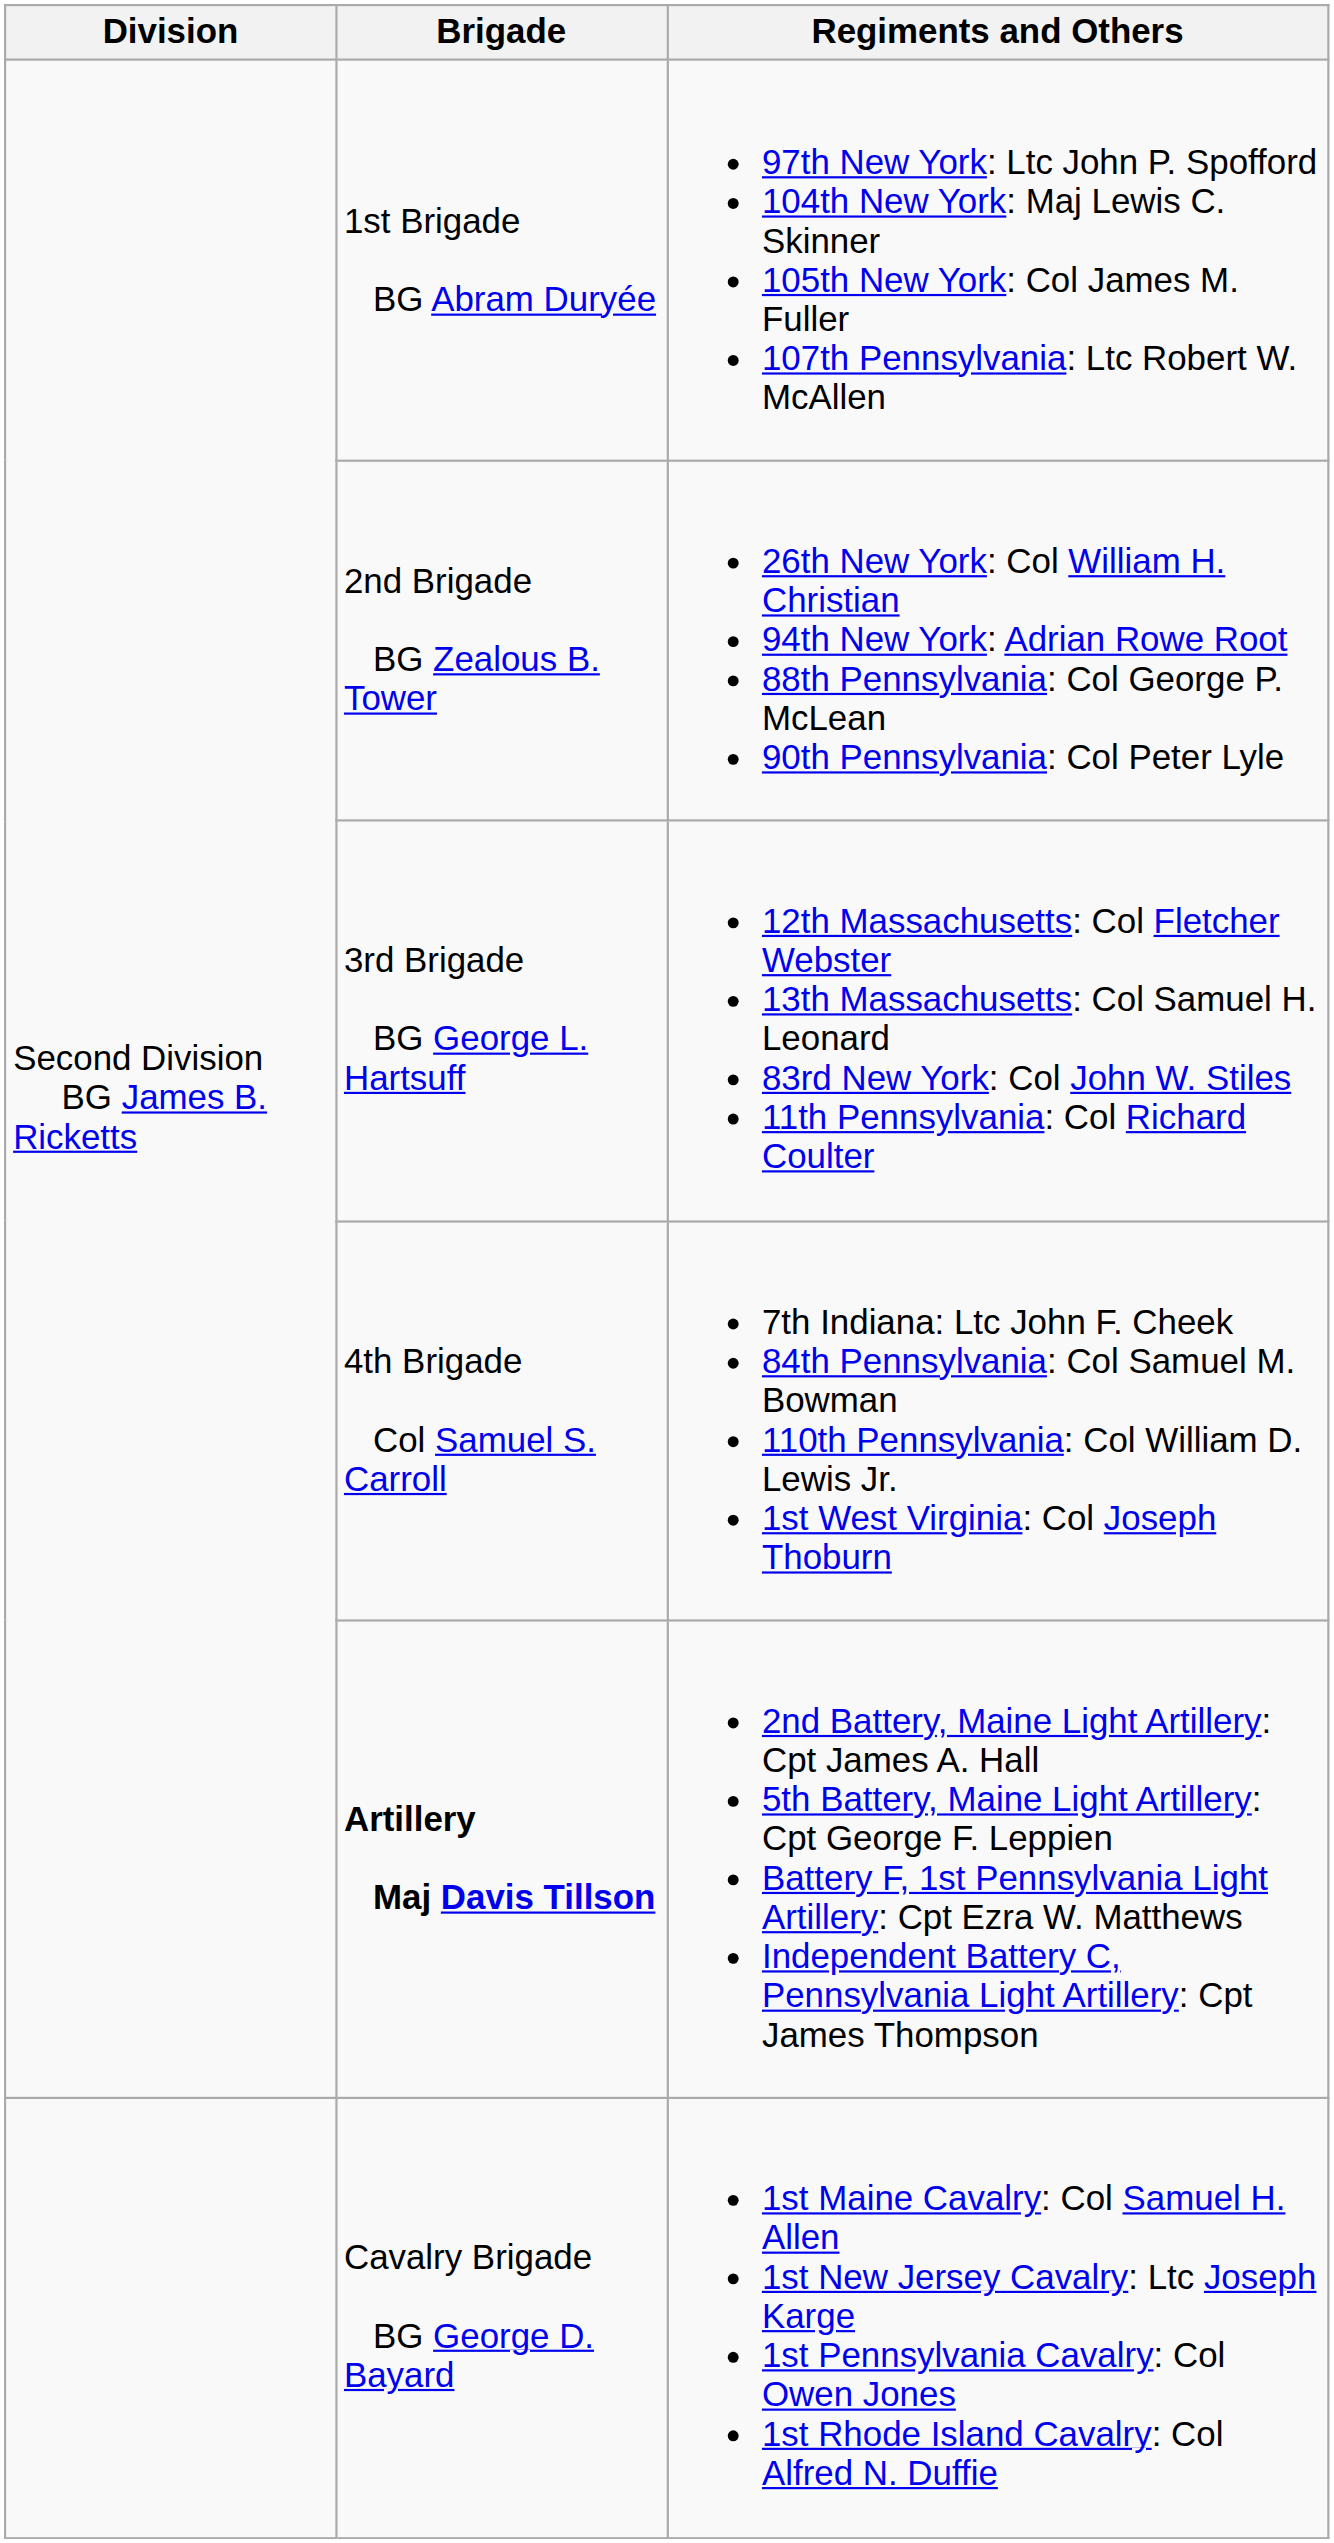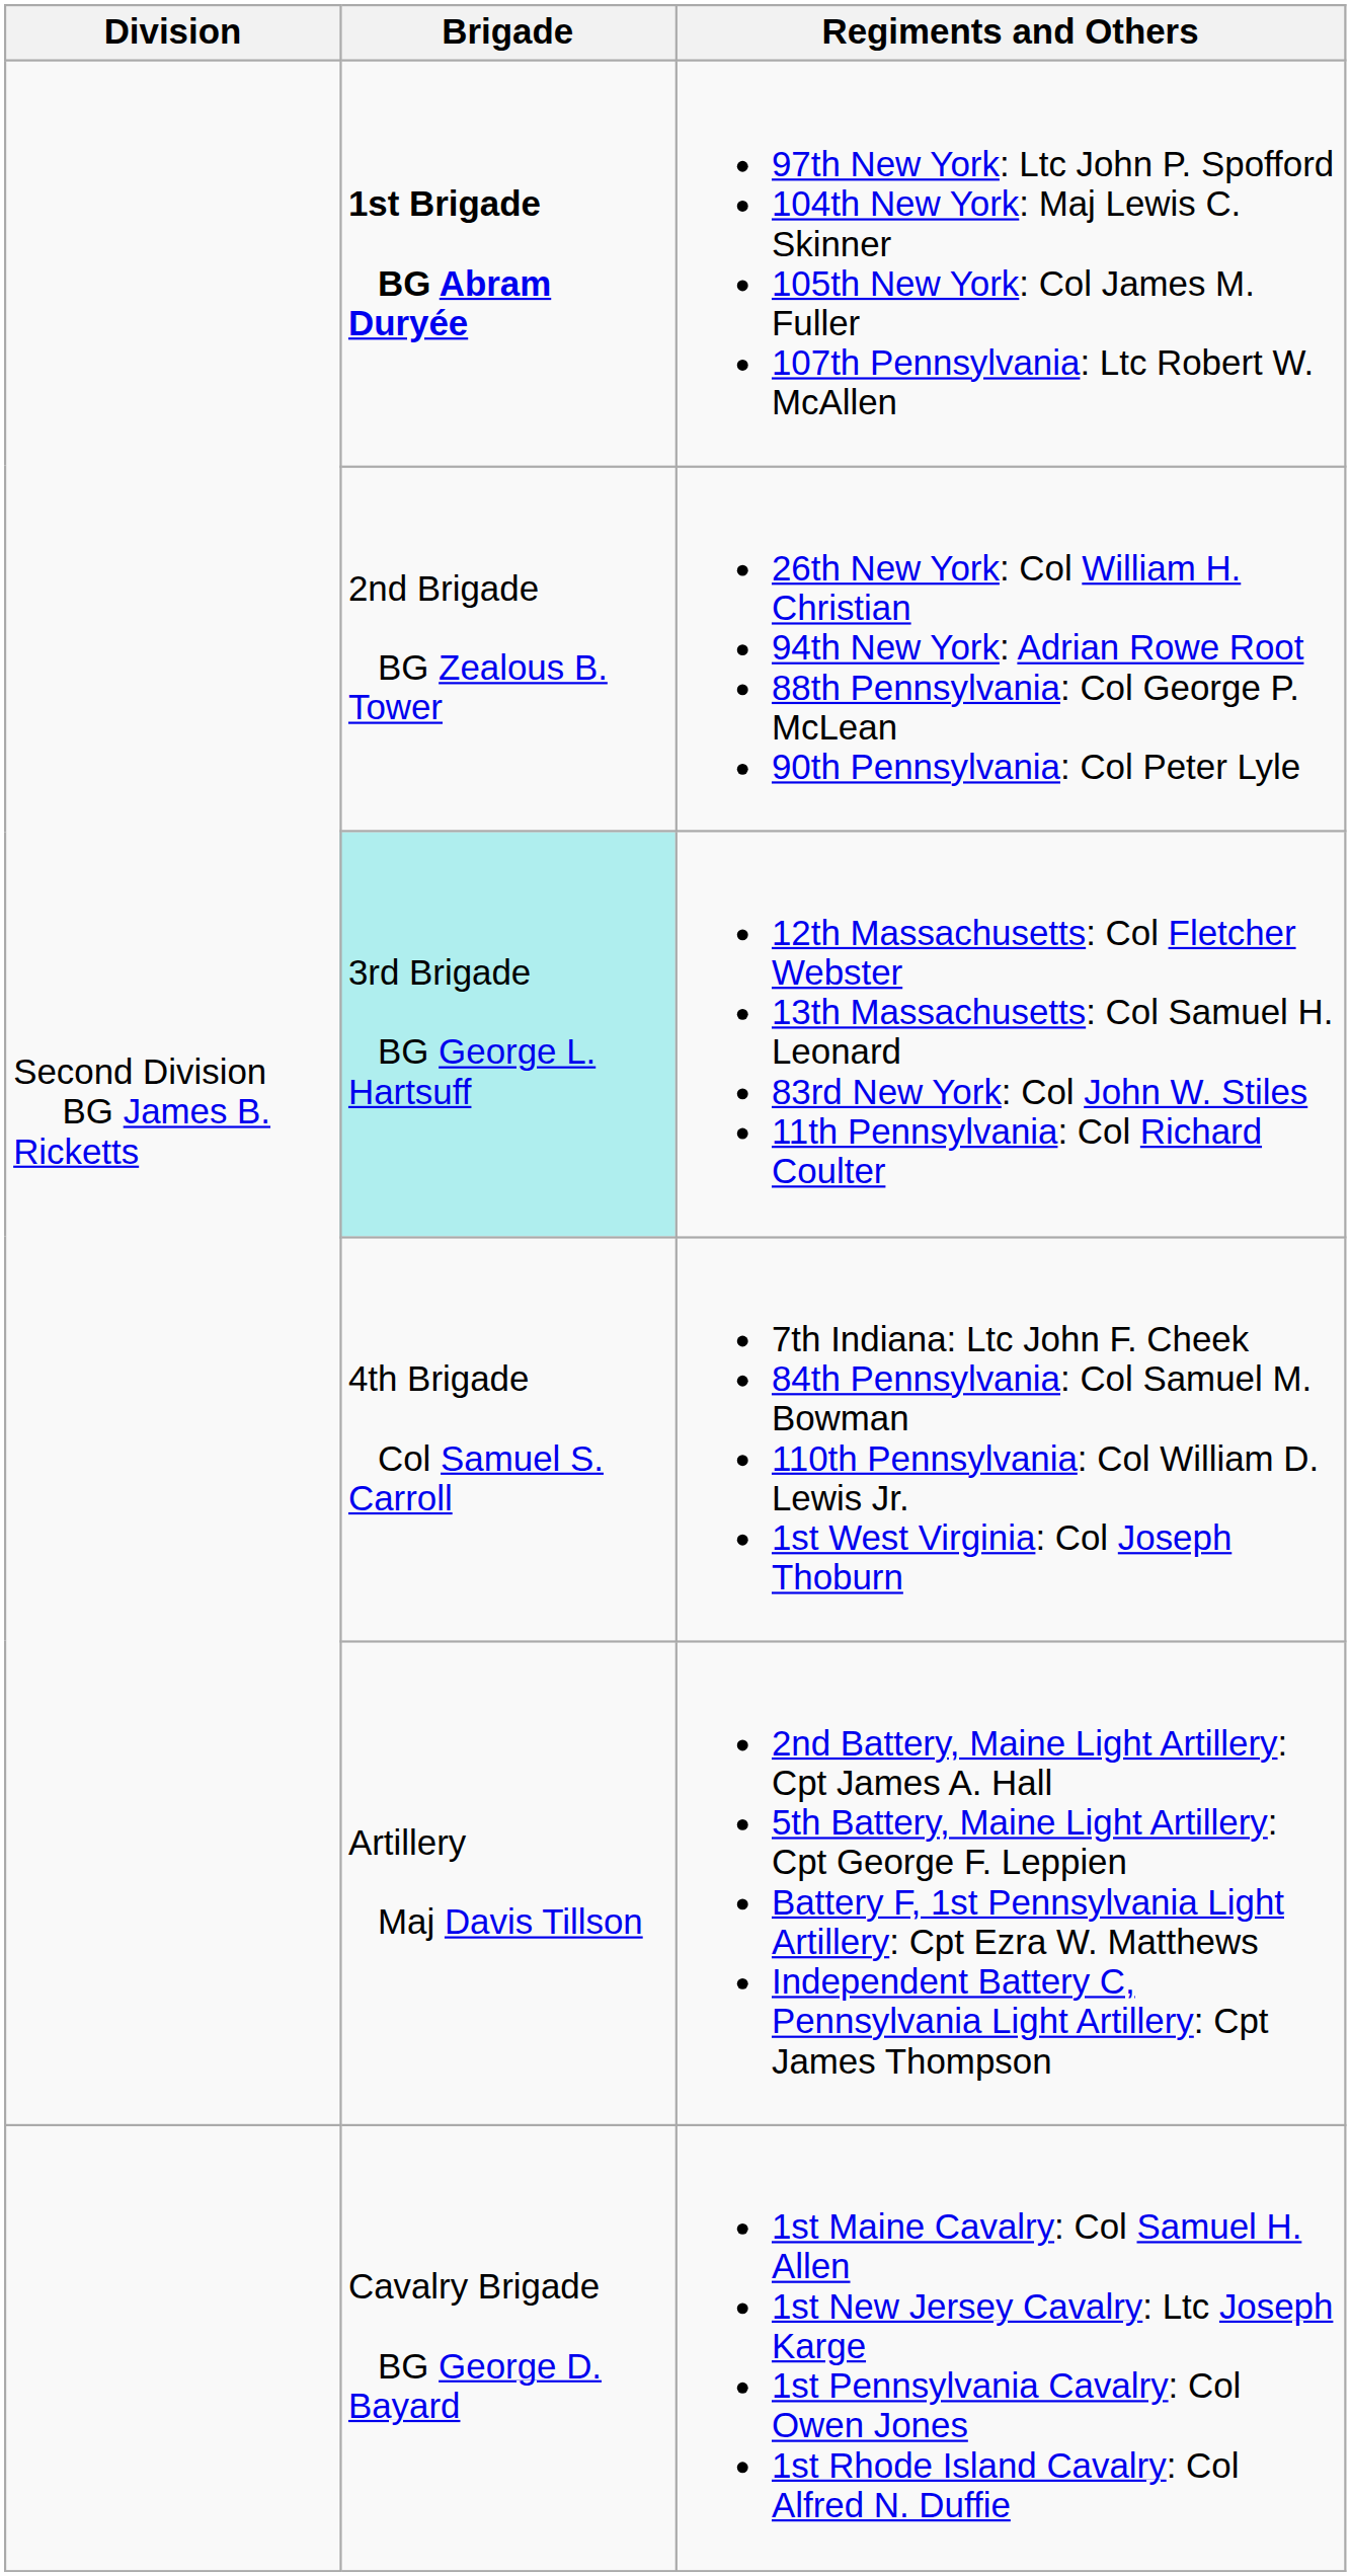 <table class="wikitable">
 <tr>
 <th width=25%>Division</th>
 <th width=25%>Brigade</th>
 <th>Regiments and Others</th>
 </tr>
 <tr>
 <td rowspan=5><br>Second Division <br>     BG <a href='#'>James B. Ricketts</a></td>
-<td>1st Brigade<br><br>   BG <a href='#'>Abram Duryée</a></td>
+<td><strong>1st Brigade<br><br>   BG <a href='#'>Abram Duryée</a></strong></td>
 <td><br><ul><li><a href='#'>97th New York</a>: Ltc John P. Spofford</li><li><a href='#'>104th New York</a>: Maj Lewis C. Skinner</li><li><a href='#'>105th New York</a>: Col James M. Fuller</li><li><a href='#'>107th Pennsylvania</a>: Ltc Robert W. McAllen</li></ul></td>
 </tr>
 <tr>
 <td>2nd Brigade<br><br>   BG <a href='#'>Zealous B. Tower</a></td>
 <td><br><ul><li><a href='#'>26th New York</a>: Col <a href='#'>William H. Christian</a></li><li><a href='#'>94th New York</a>: <a href='#'>Adrian Rowe Root</a></li><li><a href='#'>88th Pennsylvania</a>: Col George P. McLean</li><li><a href='#'>90th Pennsylvania</a>: Col Peter Lyle</li></ul></td>
 </tr>
 <tr>
-<td>3rd Brigade<br><br>   BG <a href='#'>George L. Hartsuff</a></td>
+<td style="background: paleturquoise;">3rd Brigade<br><br>   BG <a href='#'>George L. Hartsuff</a></td>
 <td><br><ul><li><a href='#'>12th Massachusetts</a>: Col <a href='#'>Fletcher Webster</a></li><li><a href='#'>13th Massachusetts</a>: Col Samuel H. Leonard</li><li><a href='#'>83rd New York</a>: Col <a href='#'>John W. Stiles</a></li><li><a href='#'>11th Pennsylvania</a>: Col <a href='#'>Richard Coulter</a></li></ul></td>
 </tr>
 <tr>
 <td>4th Brigade<br><br>   Col <a href='#'>Samuel S. Carroll</a></td>
 <td><br><ul><li>7th Indiana: Ltc John F. Cheek</li><li><a href='#'>84th Pennsylvania</a>: Col Samuel M. Bowman</li><li><a href='#'>110th Pennsylvania</a>: Col William D. Lewis Jr.</li><li><a href='#'>1st West Virginia</a>: Col <a href='#'>Joseph Thoburn</a></li></ul></td>
 </tr>
 <tr>
-<td><strong>Artillery<br><br>   Maj <a href='#'>Davis Tillson</a></strong></td>
+<td>Artillery<br><br>   Maj <a href='#'>Davis Tillson</a></td>
 <td><br><ul><li><a href='#'>2nd Battery, Maine Light Artillery</a>: Cpt James A. Hall</li><li><a href='#'>5th Battery, Maine Light Artillery</a>: Cpt George F. Leppien</li><li><a href='#'>Battery F, 1st Pennsylvania Light Artillery</a>: Cpt Ezra W. Matthews</li><li><a href='#'>Independent Battery C, Pennsylvania Light Artillery</a>: Cpt James Thompson</li></ul></td>
 </tr>
 <tr>
 <td></td>
 <td>Cavalry Brigade<br><br>   BG <a href='#'>George D. Bayard</a></td>
 <td><br><ul><li><a href='#'>1st Maine Cavalry</a>: Col <a href='#'>Samuel H. Allen</a></li><li><a href='#'>1st New Jersey Cavalry</a>: Ltc <a href='#'>Joseph Karge</a></li><li><a href='#'>1st Pennsylvania Cavalry</a>: Col <a href='#'>Owen Jones</a></li><li><a href='#'>1st Rhode Island Cavalry</a>: Col <a href='#'>Alfred N. Duffie</a></li></ul></td>
 </tr>
 </table>
